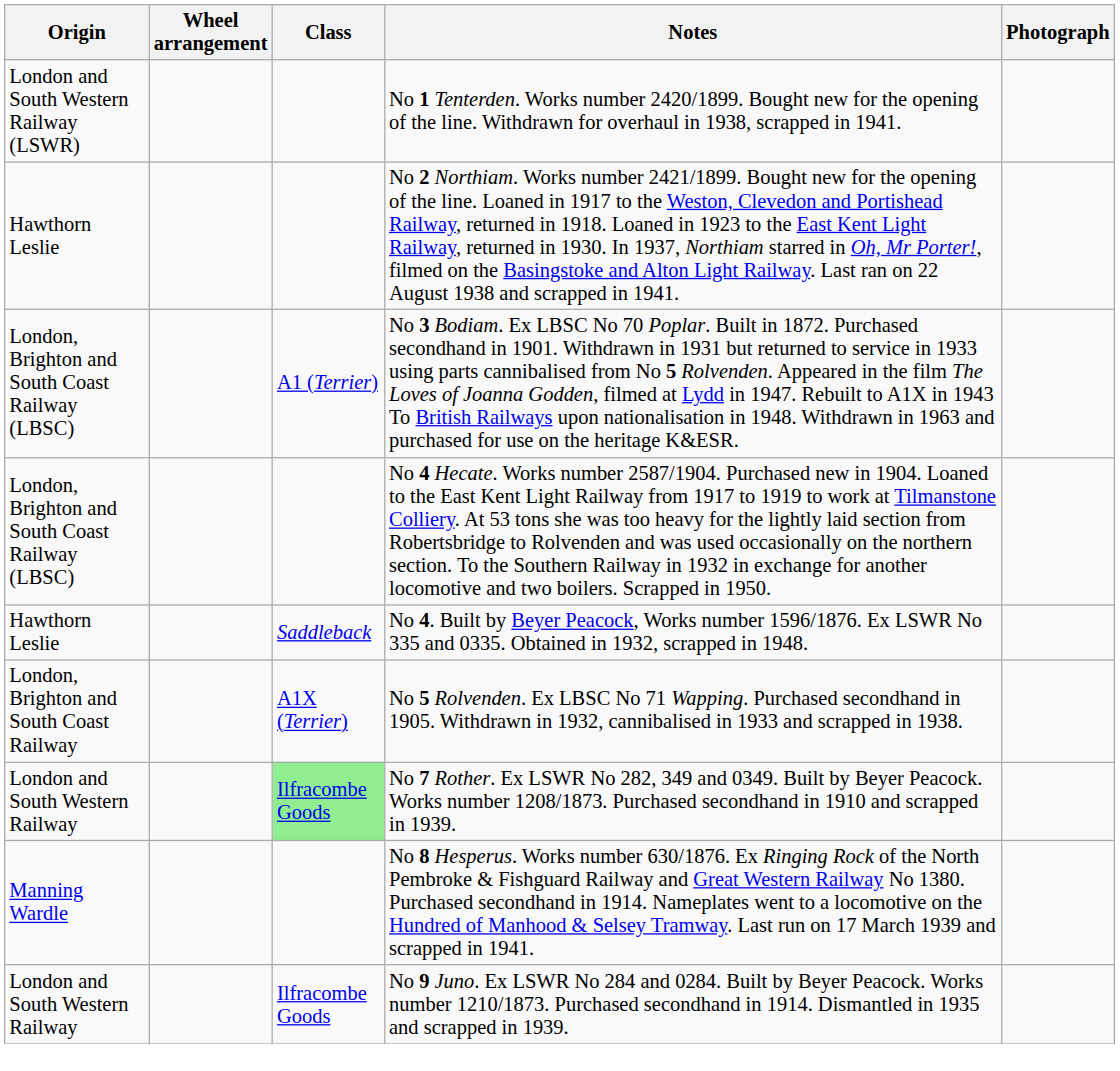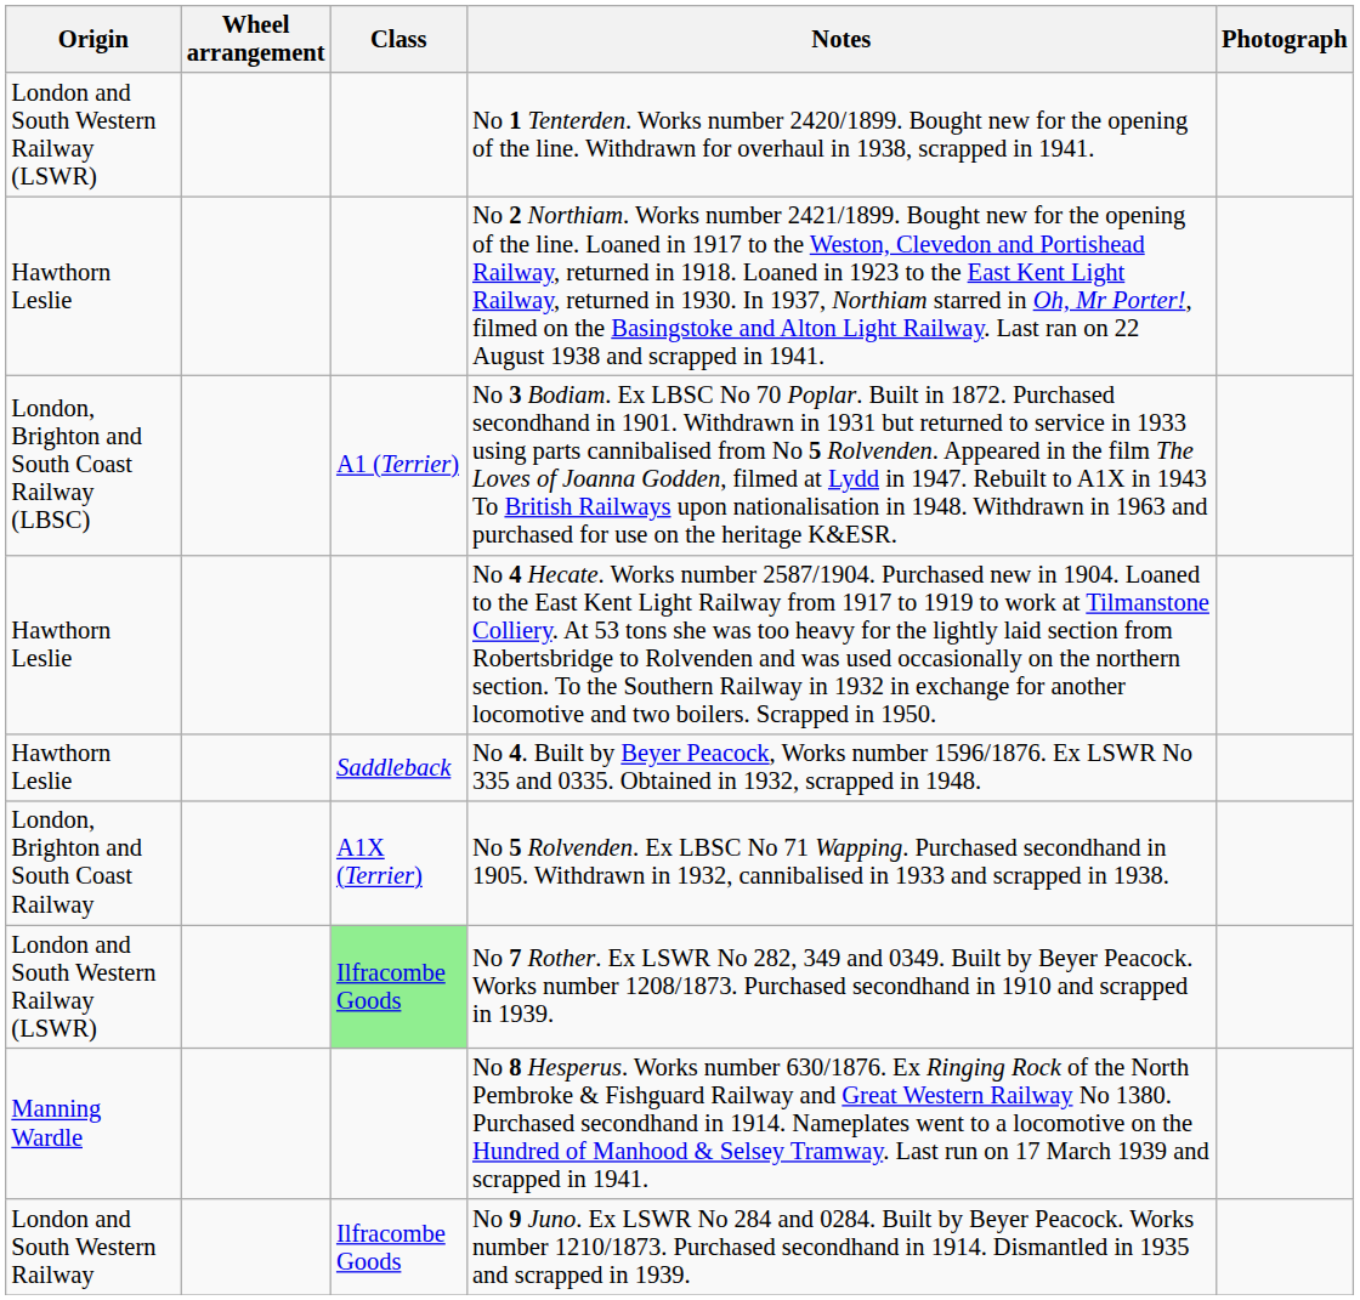 <table class="wikitable">
 <tr>
 <th>Origin</th>
 <th>Wheel<br>arrangement</th>
 <th>Class</th>
 <th>Notes</th>
 <th>Photograph</th>
 </tr>
 <tr>
 <td>London and South Western Railway (LSWR)</td>
 <td></td>
 <td></td>
 <td>No <strong>1</strong> <em>Tenterden</em>. Works number 2420/1899. Bought new for the opening of the line. Withdrawn for overhaul in 1938, scrapped in 1941.</td>
 <td></td>
 </tr>
 <tr>
 <td>Hawthorn Leslie</td>
 <td></td>
 <td></td>
 <td>No <strong>2</strong> <em>Northiam</em>. Works number 2421/1899. Bought new for the opening of the line. Loaned in 1917 to the <a href='#'>Weston, Clevedon and Portishead Railway</a>, returned in 1918. Loaned in 1923 to the <a href='#'>East Kent Light Railway</a>, returned in 1930. In 1937, <em>Northiam</em> starred in <em><a href='#'>Oh, Mr Porter!</a></em>, filmed on the <a href='#'>Basingstoke and Alton Light Railway</a>. Last ran on 22 August 1938 and scrapped in 1941.</td>
 <td></td>
 </tr>
 <tr>
 <td>London, Brighton and South Coast Railway (LBSC)</td>
 <td></td>
 <td><a href='#'>A1 (<em>Terrier</em>)</a></td>
 <td>No <strong>3</strong> <em>Bodiam</em>. Ex LBSC No 70 <em>Poplar</em>. Built in 1872. Purchased secondhand in 1901. Withdrawn in 1931 but returned to service in 1933 using parts cannibalised from No <strong>5</strong> <em>Rolvenden</em>. Appeared in the film <em>The Loves of Joanna Godden</em>, filmed at <a href='#'>Lydd</a> in 1947. Rebuilt to A1X in 1943 To <a href='#'>British Railways</a> upon nationalisation in 1948. Withdrawn in 1963 and purchased for use on the heritage K&ESR.</td>
 <td></td>
 </tr>
 <tr>
-<td>London, Brighton and South Coast Railway (LBSC)</td>
+<td>Hawthorn Leslie</td>
 <td></td>
 <td></td>
 <td>No <strong>4</strong> <em>Hecate</em>. Works number 2587/1904. Purchased new in 1904. Loaned to the East Kent Light Railway from 1917 to 1919 to work at <a href='#'>Tilmanstone Colliery</a>. At 53 tons she was too heavy for the lightly laid section from Robertsbridge to Rolvenden and was used occasionally on the northern section. To the Southern Railway in 1932 in exchange for another locomotive and two boilers. Scrapped in 1950.</td>
 <td></td>
 </tr>
 <tr>
 <td>Hawthorn Leslie</td>
 <td></td>
 <td><a href='#'><em>Saddleback</em></a></td>
 <td>No <strong>4</strong>. Built by <a href='#'>Beyer Peacock</a>, Works number 1596/1876. Ex LSWR No 335 and 0335. Obtained in 1932, scrapped in 1948.</td>
 <td></td>
 </tr>
 <tr>
 <td>London, Brighton and South Coast Railway</td>
 <td></td>
 <td><a href='#'>A1X (<em>Terrier</em>)</a></td>
 <td>No <strong>5</strong> <em>Rolvenden</em>. Ex LBSC No 71 <em>Wapping</em>. Purchased secondhand in 1905. Withdrawn in 1932, cannibalised in 1933 and scrapped in 1938.</td>
 <td></td>
 </tr>
 <tr>
-<td>London and South Western Railway</td>
+<td>London and South Western Railway (LSWR)</td>
 <td></td>
 <td style="background: lightgreen;"><a href='#'>Ilfracombe Goods</a></td>
 <td>No <strong>7</strong> <em>Rother</em>. Ex LSWR No 282, 349 and 0349. Built by Beyer Peacock. Works number 1208/1873. Purchased secondhand in 1910 and scrapped in 1939.</td>
 <td></td>
 </tr>
 <tr>
 <td><a href='#'>Manning Wardle</a></td>
 <td></td>
 <td></td>
 <td>No <strong>8</strong> <em>Hesperus</em>. Works number 630/1876. Ex <em>Ringing Rock</em> of the North Pembroke & Fishguard Railway and <a href='#'>Great Western Railway</a> No 1380. Purchased secondhand in 1914. Nameplates went to a locomotive on the <a href='#'>Hundred of Manhood & Selsey Tramway</a>. Last run on 17 March 1939 and scrapped in 1941.</td>
 <td></td>
 </tr>
 <tr>
 <td>London and South Western Railway</td>
 <td></td>
 <td><a href='#'>Ilfracombe Goods</a></td>
 <td>No <strong>9</strong> <em>Juno</em>. Ex LSWR No 284 and 0284. Built by Beyer Peacock. Works number 1210/1873. Purchased secondhand in 1914. Dismantled in 1935 and scrapped in 1939.</td>
 <td></td>
 </tr>
 </table>
